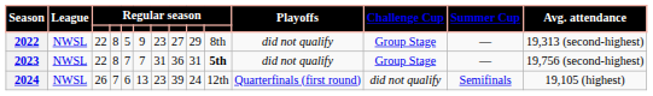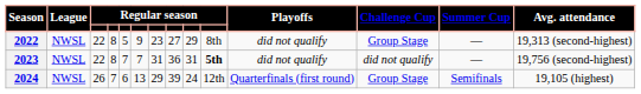 <table class="wikitable" style="text-align: center;">
 <tr>
 <th rowspan=2 style="background:#000000; color:#FFFFFF; border:2px solid #F1B1A5;" scope=col>Season</th>
 <th rowspan=2 style="background:#000000; color:#FFFFFF; border:2px solid #F1B1A5;" scope=col>League</th>
 <th colspan=8 style="background:#000000; color:#FFFFFF; border:2px solid #F1B1A5;">Regular season</th>
 <th rowspan=2 style="background:#000000; color:#FFFFFF; border:2px solid #F1B1A5;" scope=col>Playoffs</th>
 <th rowspan=2 style="background:#000000; color:#FFFFFF; border:2px solid #F1B1A5;" scope=col><a href='#'>Challenge Cup</a></th>
 <th rowspan="2" style="background:#000000; color:#FFFFFF; border:2px solid #F1B1A5;" scope=col><a href='#'>Summer Cup</a></th>
 <th rowspan="2" style="background:#000000; color:#FFFFFF; border:2px solid #F1B1A5;">Avg. attendance</th>
 </tr>
 <tr>
 <th style="background:#000000; color:#FFFFFF; border:2px solid #F1B1A5;" scope=col></th>
 <th style="background:#000000; color:#FFFFFF; border:2px solid #F1B1A5;" scope=col></th>
 <th style="background:#000000; color:#FFFFFF; border:2px solid #F1B1A5;" scope=col></th>
 <th style="background:#000000; color:#FFFFFF; border:2px solid #F1B1A5;" scope=col></th>
 <th style="background:#000000; color:#FFFFFF; border:2px solid #F1B1A5;" scope=col></th>
 <th style="background:#000000; color:#FFFFFF; border:2px solid #F1B1A5;" scope=col></th>
 <th style="background:#000000; color:#FFFFFF; border:2px solid #F1B1A5;" scope=col></th>
 <th style="background:#000000; color:#FFFFFF; border:2px solid #F1B1A5;" scope=col></th>
 </tr>
 <tr>
 <th scope=row style=text-align:center><a href='#'>2022</a></th>
 <td><a href='#'>NWSL</a></td>
 <td>22</td>
 <td>8</td>
 <td>5</td>
 <td>9</td>
 <td>23</td>
 <td>27</td>
 <td>29</td>
 <td>8th</td>
 <td><em>did not qualify</em></td>
 <td><a href='#'>Group Stage</a></td>
 <td>—</td>
 <td>19,313 (second-highest)</td>
 </tr>
 <tr>
 <th scope=row style=text-align:center><a href='#'>2023</a></th>
 <td><a href='#'>NWSL</a></td>
 <td>22</td>
 <td>8</td>
 <td>7</td>
 <td>7</td>
 <td>31</td>
 <td>36</td>
 <td>31</td>
 <td><strong>5th</strong></td>
 <td><em>did not qualify</em></td>
-<td><a href='#'>Group Stage</a></td>
+<td><em>did not qualify</em></td>
 <td>—</td>
 <td>19,756 (second-highest)</td>
 </tr>
 <tr>
 <th><a href='#'>2024</a></th>
 <td><a href='#'>NWSL</a></td>
 <td>26</td>
 <td>7</td>
 <td>6</td>
 <td>13</td>
-<td>23</td>
+<td>29</td>
 <td>39</td>
 <td>24</td>
 <td>12th</td>
 <td><a href='#'>Quarterfinals (first round)</a></td>
-<td><em>did not qualify</em></td>
+<td><a href='#'>Group Stage</a></td>
 <td><a href='#'>Semifinals</a></td>
 <td>19,105 (highest)</td>
 </tr>
 </table>
